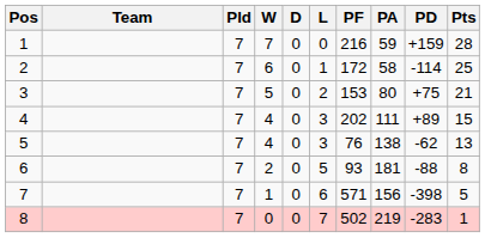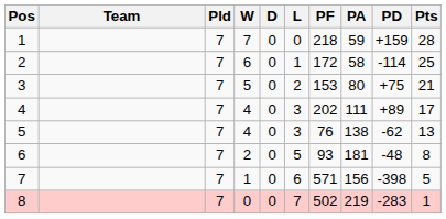 <table class="wikitable" style="text-align:center">
 <tr>
 <th width=20 abbr="Position">Pos</th>
 <th width=175>Team</th>
 <th width=20 abbr="Played">Pld</th>
 <th width=20 abbr="Won">W</th>
 <th width=20 abbr="Drawn">D</th>
 <th width=20 abbr="Lost">L</th>
 <th width=20 abbr="Points for">PF</th>
 <th width=20 abbr="Points against">PA</th>
 <th width=25 abbr="Points difference">PD</th>
 <th width=20 abbr="Points">Pts</th>
 </tr>
 <tr>
 <td>1</td>
 <td style="text-align:left"></td>
 <td>7</td>
 <td>7</td>
 <td>0</td>
 <td>0</td>
-<td>216</td>
+<td>218</td>
 <td>59</td>
 <td>+159</td>
 <td>28</td>
 </tr>
 <tr>
 <td>2</td>
 <td style="text-align:left"></td>
 <td>7</td>
 <td>6</td>
 <td>0</td>
 <td>1</td>
 <td>172</td>
 <td>58</td>
 <td>-114</td>
 <td>25</td>
 </tr>
 <tr>
 <td>3</td>
 <td style="text-align:left"></td>
 <td>7</td>
 <td>5</td>
 <td>0</td>
 <td>2</td>
 <td>153</td>
 <td>80</td>
 <td>+75</td>
 <td>21</td>
 </tr>
 <tr>
 <td>4</td>
 <td style="text-align:left"></td>
 <td>7</td>
 <td>4</td>
 <td>0</td>
 <td>3</td>
 <td>202</td>
 <td>111</td>
 <td>+89</td>
-<td>15</td>
+<td>17</td>
 </tr>
 <tr>
 <td>5</td>
 <td style="text-align:left"></td>
 <td>7</td>
 <td>4</td>
 <td>0</td>
 <td>3</td>
 <td>76</td>
 <td>138</td>
 <td>-62</td>
 <td>13</td>
 </tr>
 <tr>
 <td>6</td>
 <td style="text-align:left"></td>
 <td>7</td>
 <td>2</td>
 <td>0</td>
 <td>5</td>
 <td>93</td>
 <td>181</td>
-<td>-88</td>
+<td>-48</td>
 <td>8</td>
 </tr>
 <tr>
 <td>7</td>
 <td style="text-align:left"></td>
 <td>7</td>
 <td>1</td>
 <td>0</td>
 <td>6</td>
 <td>571</td>
 <td>156</td>
 <td>-398</td>
 <td>5</td>
 </tr>
 <tr style="background:#ffcccc">
 <td>8</td>
 <td style="text-align:left"></td>
 <td>7</td>
 <td>0</td>
 <td>0</td>
 <td>7</td>
 <td>502</td>
 <td>219</td>
 <td>-283</td>
 <td>1</td>
 </tr>
 </table>
